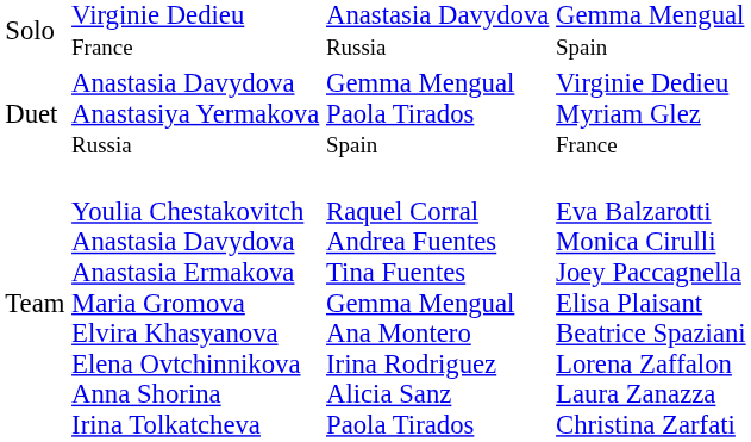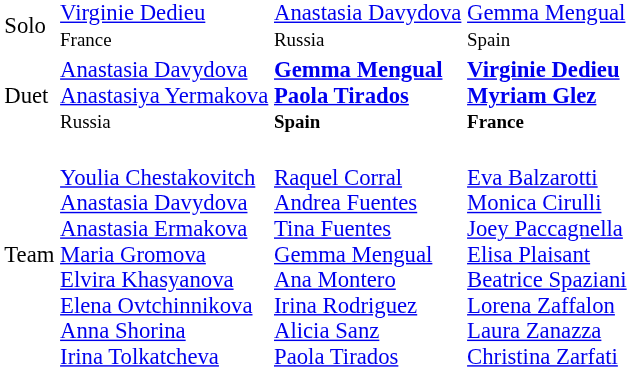 <table>
 <tr>
 <td>Solo</td>
 <td> <a href='#'>Virginie Dedieu</a><br><small>France</small></td>
 <td> <a href='#'>Anastasia Davydova</a><br><small>Russia</small></td>
 <td> <a href='#'>Gemma Mengual</a><br><small>Spain</small></td>
 </tr>
 <tr>
 <td>Duet</td>
 <td> <a href='#'>Anastasia Davydova</a><br><a href='#'>Anastasiya Yermakova</a><br><small>Russia</small></td>
-<td> <a href='#'>Gemma Mengual</a><br><a href='#'>Paola Tirados</a><br><small>Spain</small></td>
-<td> <a href='#'>Virginie Dedieu</a><br><a href='#'>Myriam Glez</a><br><small>France</small></td>
+<td><strong> <a href='#'>Gemma Mengual</a><br><a href='#'>Paola Tirados</a><br><small>Spain</small></strong></td>
+<td><strong> <a href='#'>Virginie Dedieu</a><br><a href='#'>Myriam Glez</a><br><small>France</small></strong></td>
 </tr>
 <tr>
 <td>Team</td>
 <td><br><a href='#'>Youlia Chestakovitch</a><br><a href='#'>Anastasia Davydova</a><br><a href='#'>Anastasia Ermakova</a><br><a href='#'>Maria Gromova</a><br><a href='#'>Elvira Khasyanova</a><br><a href='#'>Elena Ovtchinnikova</a><br><a href='#'>Anna Shorina</a><br><a href='#'>Irina Tolkatcheva</a></td>
 <td><br><a href='#'>Raquel Corral</a><br><a href='#'>Andrea Fuentes</a><br><a href='#'>Tina Fuentes</a><br><a href='#'>Gemma Mengual</a><br><a href='#'>Ana Montero</a><br><a href='#'>Irina Rodriguez</a><br><a href='#'>Alicia Sanz</a><br><a href='#'>Paola Tirados</a></td>
 <td><br><a href='#'>Eva Balzarotti</a><br><a href='#'>Monica Cirulli</a><br><a href='#'>Joey Paccagnella</a><br><a href='#'>Elisa Plaisant</a><br><a href='#'>Beatrice Spaziani</a><br><a href='#'>Lorena Zaffalon</a><br><a href='#'>Laura Zanazza</a><br><a href='#'>Christina Zarfati</a></td>
 </tr>
 </table>
